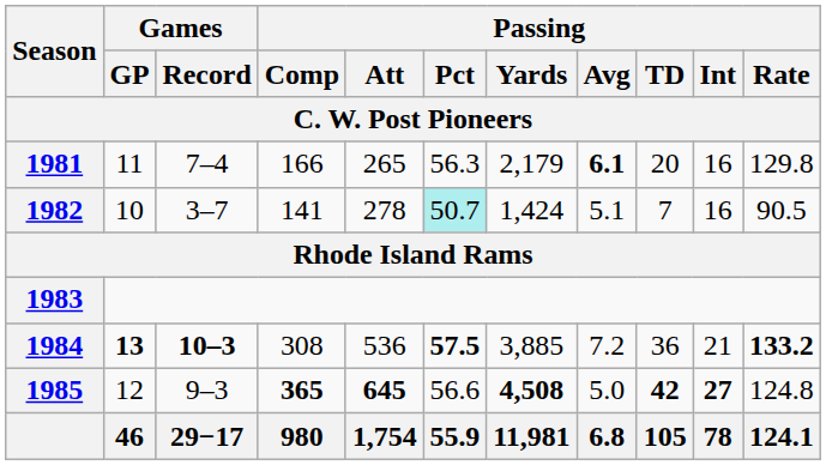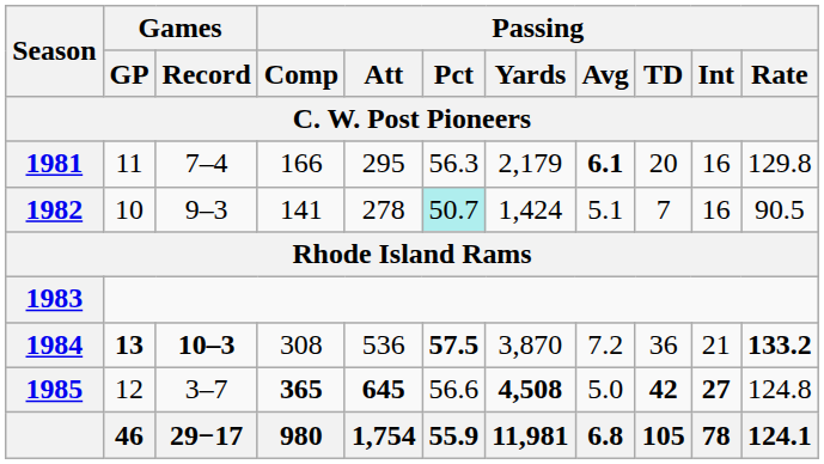 <table class="wikitable" style="text-align:center;">
 <tr>
 <th rowspan="2">Season</th>
 <th colspan="2">Games</th>
 <th colspan="8">Passing</th>
 </tr>
 <tr>
 <th>GP</th>
 <th>Record</th>
 <th>Comp</th>
 <th>Att</th>
 <th>Pct</th>
 <th>Yards</th>
 <th>Avg</th>
 <th>TD</th>
 <th>Int</th>
 <th>Rate</th>
 </tr>
 <tr>
 <th colspan="16">C. W. Post Pioneers</th>
 </tr>
 <tr>
 <th><a href='#'>1981</a></th>
 <td>11</td>
 <td>7–4</td>
 <td>166</td>
-<td>265</td>
+<td>295</td>
 <td>56.3</td>
 <td>2,179</td>
 <td><strong>6.1</strong></td>
 <td>20</td>
 <td>16</td>
 <td>129.8</td>
 </tr>
 <tr>
 <th><a href='#'>1982</a></th>
 <td>10</td>
-<td>3–7</td>
+<td>9–3</td>
 <td>141</td>
 <td>278</td>
 <td style="background: paleturquoise;">50.7</td>
 <td>1,424</td>
 <td>5.1</td>
 <td>7</td>
 <td>16</td>
 <td>90.5</td>
 </tr>
 <tr>
 <th colspan="16">Rhode Island Rams</th>
 </tr>
 <tr>
 <th><a href='#'>1983</a></th>
 <td colspan="11"></td>
 </tr>
 <tr>
 <th><a href='#'>1984</a></th>
 <td><strong>13</strong></td>
 <td><strong>10–3</strong></td>
 <td>308</td>
 <td>536</td>
 <td><strong>57.5</strong></td>
-<td>3,885</td>
+<td>3,870</td>
 <td>7.2</td>
 <td>36</td>
 <td>21</td>
 <td><strong>133.2</strong></td>
 </tr>
 <tr>
 <th><a href='#'>1985</a></th>
 <td>12</td>
-<td>9–3</td>
+<td>3–7</td>
 <td><strong>365</strong></td>
 <td><strong>645</strong></td>
 <td>56.6</td>
 <td><strong>4,508</strong></td>
 <td>5.0</td>
 <td><strong>42</strong></td>
 <td><strong>27</strong></td>
 <td>124.8</td>
 </tr>
 <tr>
 <th></th>
 <th>46</th>
 <th>29−17</th>
 <th>980</th>
 <th>1,754</th>
 <th>55.9</th>
 <th>11,981</th>
 <th>6.8</th>
 <th>105</th>
 <th>78</th>
 <th>124.1</th>
 </tr>
 </table>
